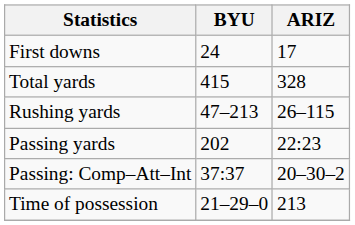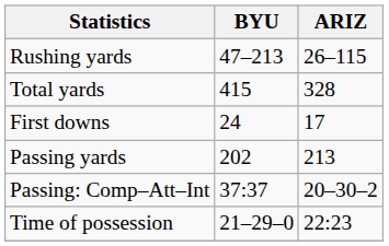 <table class="wikitable" style="float: left;">
 <tr>
 <th>Statistics</th>
 <th>BYU</th>
 <th>ARIZ</th>
 </tr>
 <tr>
-<td>First downs</td>
-<td>24</td>
-<td>17</td>
+<td>Rushing yards</td>
+<td>47–213</td>
+<td>26–115</td>
 </tr>
 <tr>
 <td>Total yards</td>
 <td>415</td>
 <td>328</td>
 </tr>
 <tr>
-<td>Rushing yards</td>
-<td>47–213</td>
-<td>26–115</td>
+<td>First downs</td>
+<td>24</td>
+<td>17</td>
 </tr>
 <tr>
 <td>Passing yards</td>
 <td>202</td>
-<td>22:23</td>
+<td>213</td>
 </tr>
 <tr>
 <td>Passing: Comp–Att–Int</td>
 <td>37:37</td>
 <td>20–30–2</td>
 </tr>
 <tr>
 <td>Time of possession</td>
 <td>21–29–0</td>
-<td>213</td>
+<td>22:23</td>
 </tr>
 <tr>
 </tr>
 </table>
